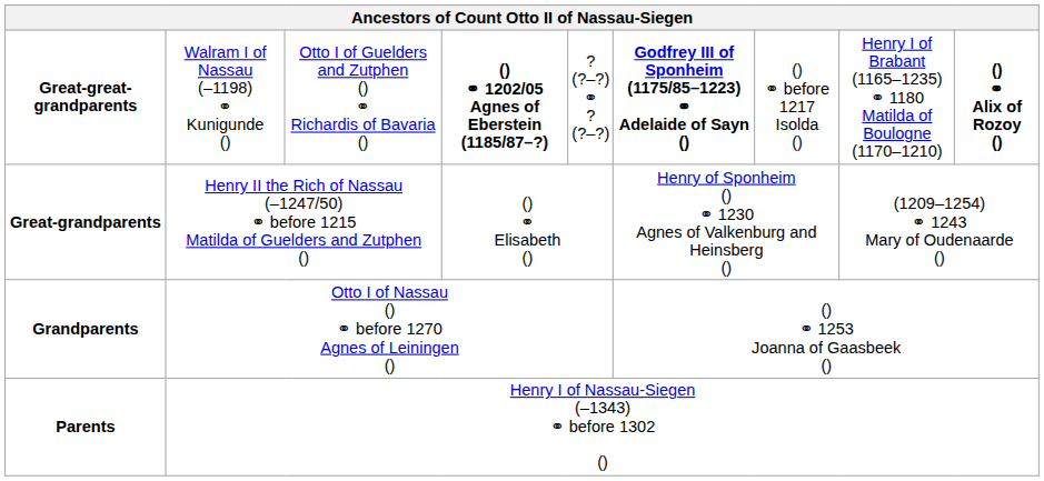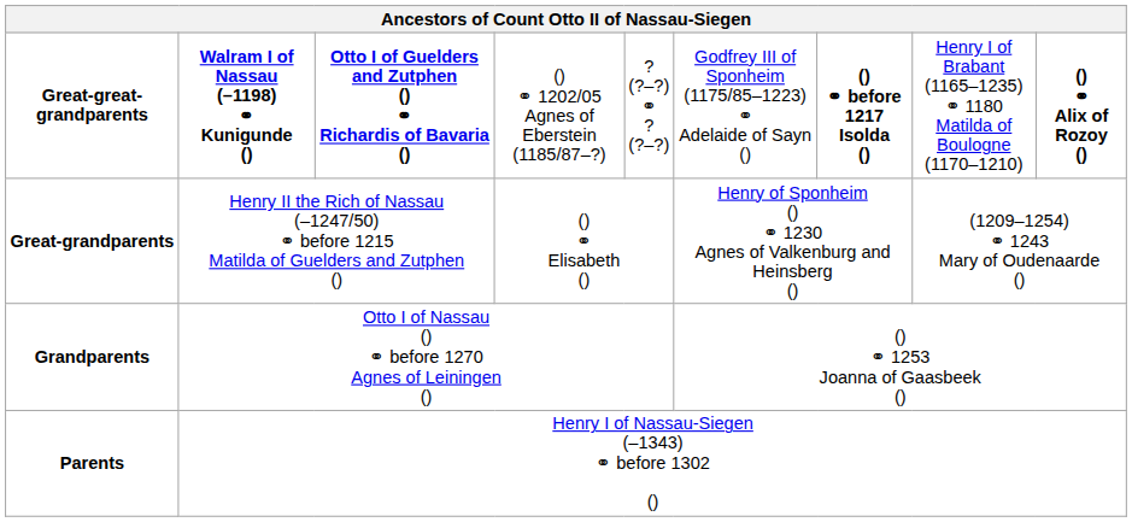 <table class="wikitable" style="background:#FFFFFF; font-size:85%; text-align:center">
 <tr bgcolor="#E0E0E0">
 <th colspan="9">Ancestors of Count Otto II of Nassau-Siegen</th>
 </tr>
 <tr>
 <td><strong>Great-great-grandparents</strong></td>
-<td colspan="1"><a href='#'>Walram I of Nassau</a><br>(–1198)<br>⚭<br>Kunigunde<br>()</td>
-<td colspan="1"><a href='#'>Otto I of Guelders and Zutphen</a><br>()<br>⚭ <br><a href='#'>Richardis of Bavaria</a><br>()</td>
-<td colspan="1"><strong><br>()<br>⚭ 1202/05<br>Agnes of Eberstein<br>(1185/87–?)</strong></td>
+<td colspan="1"><strong><a href='#'>Walram I of Nassau</a><br>(–1198)<br>⚭<br>Kunigunde<br>()</strong></td>
+<td colspan="1"><strong><a href='#'>Otto I of Guelders and Zutphen</a><br>()<br>⚭ <br><a href='#'>Richardis of Bavaria</a><br>()</strong></td>
+<td colspan="1"><br>()<br>⚭ 1202/05<br>Agnes of Eberstein<br>(1185/87–?)</td>
 <td colspan="1">?<br>(?–?)<br>⚭<br>?<br>(?–?)</td>
-<td colspan="1"><strong><a href='#'>Godfrey III of Sponheim</a><br>(1175/85–1223)<br>⚭<br>Adelaide of Sayn<br>()</strong></td>
-<td colspan="1"><br>()<br>⚭ before 1217<br>Isolda<br>()</td>
+<td colspan="1"><a href='#'>Godfrey III of Sponheim</a><br>(1175/85–1223)<br>⚭<br>Adelaide of Sayn<br>()</td>
+<td colspan="1"><strong><br>()<br>⚭ before 1217<br>Isolda<br>()</strong></td>
 <td colspan="1"><a href='#'>Henry I of Brabant</a><br>(1165–1235)<br>⚭ 1180<br><a href='#'>Matilda of Boulogne</a><br>(1170–1210)</td>
 <td colspan="1"><strong><br>()<br>⚭<br>Alix of Rozoy<br>()</strong></td>
 </tr>
 <tr>
 <td><strong>Great-grandparents</strong></td>
 <td colspan="2"><a href='#'>Henry II the Rich of Nassau</a><br>(–1247/50)<br>⚭ before 1215<br><a href='#'>Matilda of Guelders and Zutphen</a><br>()</td>
 <td colspan="2"><br>()<br>⚭<br>Elisabeth<br>()</td>
 <td colspan="2"><a href='#'>Henry of Sponheim</a><br>()<br>⚭ 1230<br>Agnes of Valkenburg and Heinsberg<br>()</td>
 <td colspan="2"><br>(1209–1254)<br>⚭ 1243<br>Mary of Oudenaarde<br>()</td>
 </tr>
 <tr>
 <td><strong>Grandparents</strong></td>
 <td colspan="4"><a href='#'>Otto I of Nassau</a><br>()<br>⚭ before 1270<br><a href='#'>Agnes of Leiningen</a><br>()</td>
 <td colspan="4"><br>()<br>⚭ 1253<br>Joanna of Gaasbeek<br>()</td>
 </tr>
 <tr>
 <td><strong>Parents</strong></td>
 <td colspan="8"><a href='#'>Henry I of Nassau-Siegen</a><br>(–1343)<br>⚭ before 1302<br><br>()</td>
 </tr>
 </table>
